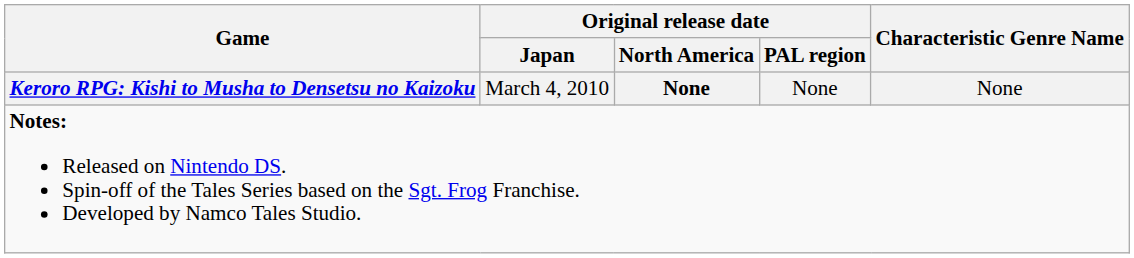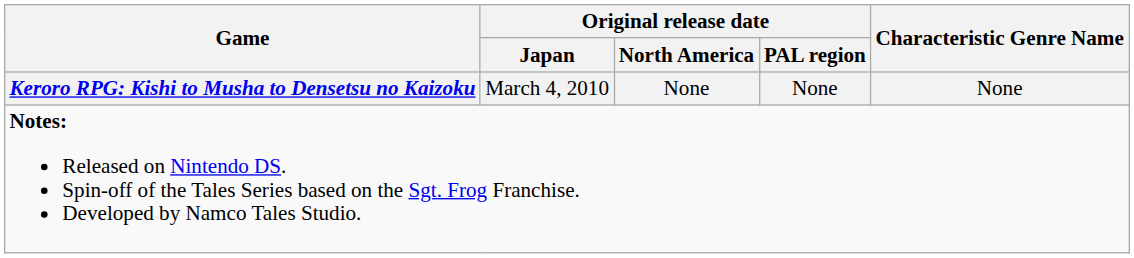 <table class="wikitable" border="1">
 <tr style="text-align: center;">
 <th rowspan="2">Game</th>
 <th colspan="3">Original release date</th>
 <th rowspan="2">Characteristic Genre Name</th>
 </tr>
 <tr>
 <th>Japan</th>
 <th>North America</th>
 <th>PAL region</th>
 </tr>
 <tr style="background:#f2f2f2; text-align:center;">
 <td><strong><em><a href='#'>Keroro RPG: Kishi to Musha to Densetsu no Kaizoku</a></em></strong></td>
 <td>March 4, 2010</td>
-<td><strong>None</strong></td>
+<td>None</td>
 <td>None</td>
 <td>None</td>
 </tr>
 <tr>
 <td colspan="5" style="border: none; vertical-align: top;"><strong>Notes:</strong><br><ul><li>Released on <a href='#'>Nintendo DS</a>.</li><li>Spin-off of the Tales Series based on the <a href='#'>Sgt. Frog</a> Franchise.</li><li>Developed by Namco Tales Studio.</li></ul></td>
 </tr>
 </table>
